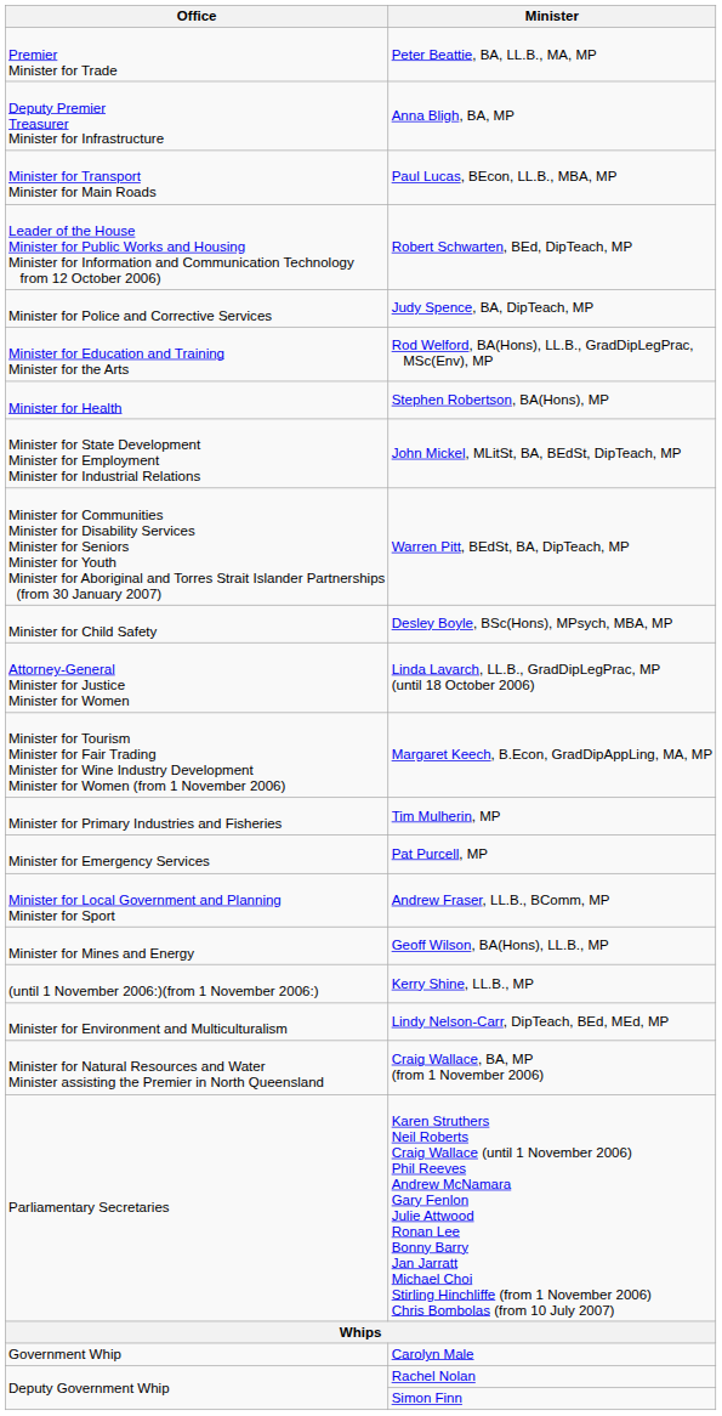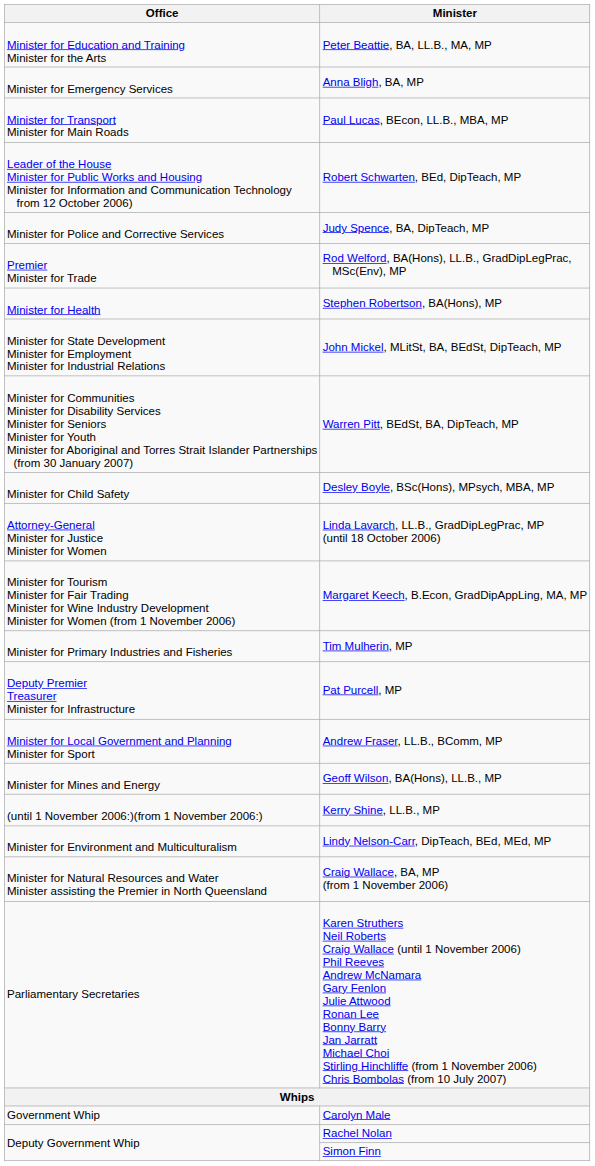 <table class="wikitable">
 <tr>
 <th>Office</th>
 <th>Minister</th>
 </tr>
 <tr>
-<td><br><a href='#'>Premier</a><br> Minister for Trade<br></td>
+<td><br><a href='#'>Minister for Education and Training</a><br> Minister for the Arts<br></td>
 <td><a href='#'>Peter Beattie</a>, BA, LL.B., MA, MP</td>
 </tr>
 <tr>
-<td><br><a href='#'>Deputy Premier</a><br> <a href='#'>Treasurer</a><br> Minister for Infrastructure<br></td>
+<td><br>Minister for Emergency Services<br></td>
 <td><a href='#'>Anna Bligh</a>, BA, MP</td>
 </tr>
 <tr>
 <td><br><a href='#'>Minister for Transport</a><br> Minister for Main Roads<br></td>
 <td><a href='#'>Paul Lucas</a>, BEcon, LL.B., MBA, MP<br></td>
 </tr>
 <tr>
 <td><br><a href='#'>Leader of the House</a><br> <a href='#'>Minister for Public Works and Housing</a><br> Minister for Information and Communication Technology<br>   from 12 October 2006)</td>
 <td><a href='#'>Robert Schwarten</a>, BEd, DipTeach, MP</td>
 </tr>
 <tr>
 <td><br>Minister for Police and Corrective Services<br></td>
 <td><a href='#'>Judy Spence</a>, BA, DipTeach, MP</td>
 </tr>
 <tr>
-<td><br><a href='#'>Minister for Education and Training</a><br> Minister for the Arts<br></td>
+<td><br><a href='#'>Premier</a><br> Minister for Trade<br></td>
 <td><a href='#'>Rod Welford</a>, BA(Hons), LL.B., GradDipLegPrac,<br>   MSc(Env), MP</td>
 </tr>
 <tr>
 <td><br><a href='#'>Minister for Health</a><br></td>
 <td><a href='#'>Stephen Robertson</a>, BA(Hons), MP</td>
 </tr>
 <tr>
 <td><br>Minister for State Development<br> Minister for Employment<br> Minister for Industrial Relations<br></td>
 <td><a href='#'>John Mickel</a>, MLitSt, BA, BEdSt, DipTeach, MP</td>
 </tr>
 <tr>
 <td><br>Minister for Communities<br> Minister for Disability Services<br> Minister for Seniors<br> Minister for Youth<br> Minister for Aboriginal and Torres Strait Islander Partnerships<br>  (from 30 January 2007)</td>
 <td><a href='#'>Warren Pitt</a>, BEdSt, BA, DipTeach, MP</td>
 </tr>
 <tr>
 <td><br>Minister for Child Safety<br></td>
 <td><a href='#'>Desley Boyle</a>, BSc(Hons), MPsych, MBA, MP</td>
 </tr>
 <tr>
 <td><br><a href='#'>Attorney-General</a><br> Minister for Justice<br> Minister for Women<br></td>
 <td><a href='#'>Linda Lavarch</a>, LL.B., GradDipLegPrac, MP<br>(until 18 October 2006)</td>
 </tr>
 <tr>
 <td><br>Minister for Tourism<br> Minister for Fair Trading<br> Minister for Wine Industry Development<br> Minister for Women (from 1 November 2006)<br></td>
 <td><a href='#'>Margaret Keech</a>, B.Econ, GradDipAppLing, MA, MP</td>
 </tr>
 <tr>
 <td><br>Minister for Primary Industries and Fisheries<br></td>
 <td><a href='#'>Tim Mulherin</a>, MP</td>
 </tr>
 <tr>
-<td><br>Minister for Emergency Services<br></td>
+<td><br><a href='#'>Deputy Premier</a><br> <a href='#'>Treasurer</a><br> Minister for Infrastructure<br></td>
 <td><a href='#'>Pat Purcell</a>, MP</td>
 </tr>
 <tr>
 <td><br><a href='#'>Minister for Local Government and Planning</a><br> Minister for Sport<br></td>
 <td><a href='#'>Andrew Fraser</a>, LL.B., BComm, MP</td>
 </tr>
 <tr>
 <td><br>Minister for Mines and Energy<br></td>
 <td><a href='#'>Geoff Wilson</a>, BA(Hons), LL.B., MP</td>
 </tr>
 <tr>
 <td><br>(until 1 November 2006:)(from 1 November 2006:)</td>
 <td><a href='#'>Kerry Shine</a>, LL.B., MP</td>
 </tr>
 <tr>
 <td><br>Minister for Environment and Multiculturalism<br></td>
 <td><a href='#'>Lindy Nelson-Carr</a>, DipTeach, BEd, MEd, MP<br></td>
 </tr>
 <tr>
 <td><br>Minister for Natural Resources and Water<br> Minister assisting the Premier in North Queensland</td>
 <td><a href='#'>Craig Wallace</a>, BA, MP<br>(from 1 November 2006)</td>
 </tr>
 <tr>
 <td>Parliamentary Secretaries</td>
 <td><br><a href='#'>Karen Struthers</a><br> <a href='#'>Neil Roberts</a><br> <a href='#'>Craig Wallace</a> (until 1 November 2006)<br> <a href='#'>Phil Reeves</a><br> <a href='#'>Andrew McNamara</a><br> <a href='#'>Gary Fenlon</a><br> <a href='#'>Julie Attwood</a><br> <a href='#'>Ronan Lee</a><br> <a href='#'>Bonny Barry</a><br> <a href='#'>Jan Jarratt</a><br> <a href='#'>Michael Choi</a><br> <a href='#'>Stirling Hinchliffe</a> (from 1 November 2006)<br> <a href='#'>Chris Bombolas</a> (from 10 July 2007)<br></td>
 </tr>
 <tr>
 <th colspan=2>Whips</th>
 </tr>
 <tr>
 <td>Government Whip</td>
 <td><a href='#'>Carolyn Male</a></td>
 </tr>
 <tr>
 <td rowspan=2>Deputy Government Whip</td>
 <td><a href='#'>Rachel Nolan</a></td>
 </tr>
 <tr>
 <td><a href='#'>Simon Finn</a></td>
 </tr>
 </table>
